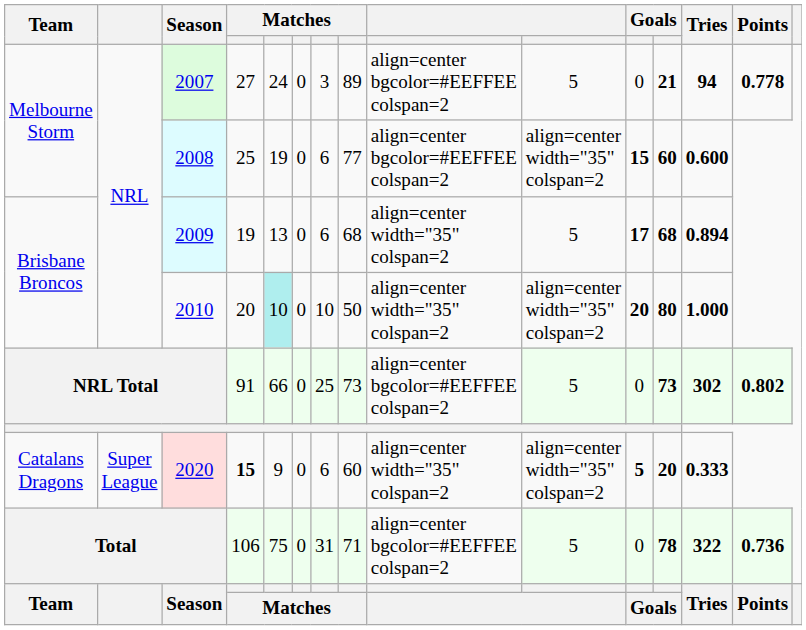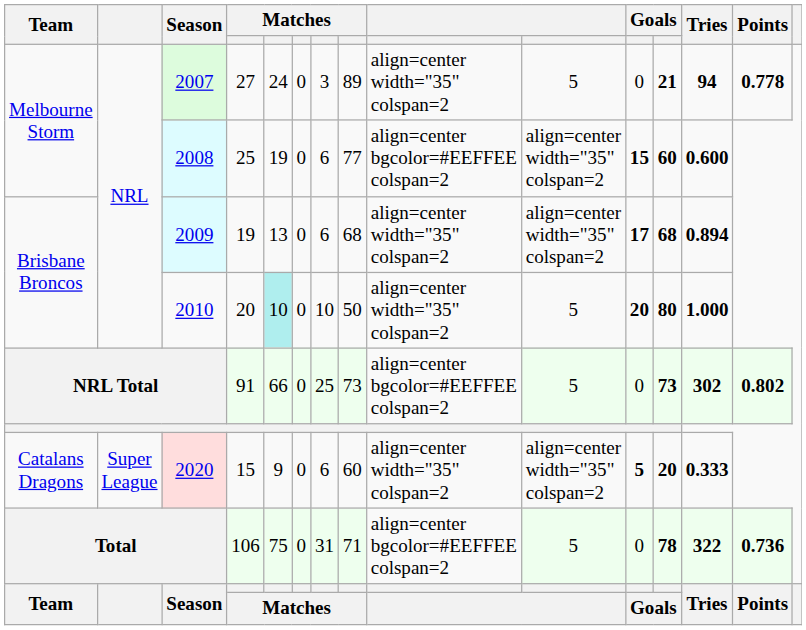 <table class="wikitable" style="font-size:96%">
 <tr>
 <th rowspan=2 width="160">Team</th>
 <th rowspan=2 width="95"></th>
 <th rowspan=2 width="95">Season</th>
 <th colspan=5>Matches</th>
 <th colspan=2></th>
 <th colspan=2>Goals</th>
 <th rowspan=2>Tries</th>
 <th rowspan=2>Points</th>
 <th rowspan=2></th>
 </tr>
 <tr>
 <th></th>
 <th></th>
 <th></th>
 <th></th>
 <th></th>
 <th></th>
 <th></th>
 <th></th>
 <th></th>
 </tr>
 <tr>
 <td align=center rowspan=2> <a href='#'>Melbourne Storm</a></td>
 <td align=center rowspan=4><a href='#'>NRL</a></td>
 <td align=center bgcolor=#DDFCDD><a href='#'>2007</a></td>
 <td align=center width="35">27</td>
 <td align=center width="35">24</td>
 <td align=center width="35">0</td>
 <td align=center width="35">3</td>
 <td align=center width="35">89</td>
-<td>align=center bgcolor=#EEFFEE colspan=2 </td>
+<td>align=center width="35" colspan=2 </td>
 <td align=center width="35">5</td>
 <td align=center width="35">0</td>
 <td align=center width="35"><strong>21</strong></td>
 <td align=center width="35"><strong>94</strong></td>
 <td align=center width="45"><strong>0.778</strong></td>
 </tr>
 <tr>
 <td align=center bgcolor=#DDFCFF><a href='#'>2008</a></td>
 <td align=center width="35">25</td>
 <td align=center width="35">19</td>
 <td align=center width="35">0</td>
 <td align=center width="35">6</td>
 <td align=center width="35">77</td>
 <td>align=center bgcolor=#EEFFEE colspan=2 </td>
 <td>align=center width="35" colspan=2 </td>
 <td align=center width="35"><strong>15</strong></td>
 <td align=center width="35"><strong>60</strong></td>
 <td align=center width="45"><strong>0.600</strong></td>
 </tr>
 <tr>
 <td align=center rowspan=2> <a href='#'>Brisbane Broncos</a></td>
 <td align=center bgcolor=#DDFCFF><a href='#'>2009</a></td>
 <td align=center width="35">19</td>
 <td align=center width="35">13</td>
 <td align=center width="35">0</td>
 <td align=center width="35">6</td>
 <td align=center width="35">68</td>
 <td>align=center width="35" colspan=2 </td>
-<td align=center width="35">5</td>
+<td>align=center width="35" colspan=2 </td>
 <td align=center width="35"><strong>17</strong></td>
 <td align=center width="35"><strong>68</strong></td>
 <td align=center width="45"><strong>0.894</strong></td>
 </tr>
 <tr>
 <td align=center><a href='#'>2010</a></td>
 <td align=center width="35">20</td>
 <td align=center width="35" style="background: paleturquoise;">10</td>
 <td align=center width="35">0</td>
 <td align=center width="35">10</td>
 <td align=center width="35">50</td>
 <td>align=center width="35" colspan=2 </td>
-<td>align=center width="35" colspan=2 </td>
+<td align=center width="35">5</td>
 <td align=center width="35"><strong>20</strong></td>
 <td align=center width="35"><strong>80</strong></td>
 <td align=center width="45"><strong>1.000</strong></td>
 </tr>
 <tr>
 <th colspan=3>NRL Total</th>
 <td align=center bgcolor=#EEFFEE>91</td>
 <td align=center bgcolor=#EEFFEE>66</td>
 <td align=center bgcolor=#EEFFEE>0</td>
 <td align=center bgcolor=#EEFFEE>25</td>
 <td align=center bgcolor=#EEFFEE>73</td>
 <td>align=center bgcolor=#EEFFEE colspan=2 </td>
 <td align=center bgcolor=#EEFFEE>5</td>
 <td align=center bgcolor=#EEFFEE>0</td>
 <td align=center bgcolor=#EEFFEE><strong>73</strong></td>
 <td align=center bgcolor=#EEFFEE><strong>302</strong></td>
 <td align=center bgcolor=#EEFFEE><strong>0.802</strong></td>
 </tr>
 <tr>
 <th colspan=12></th>
 </tr>
 <tr>
 <td align=center> <a href='#'>Catalans Dragons</a></td>
 <td align=center><a href='#'>Super League</a></td>
 <td align=center bgcolor=#FFDDDD><a href='#'>2020</a></td>
-<td align=center width="35"><strong>15</strong></td>
+<td align=center width="35">15</td>
 <td align=center width="35">9</td>
 <td align=center width="35">0</td>
 <td align=center width="35">6</td>
 <td align=center width="35">60</td>
 <td>align=center width="35" colspan=2 </td>
 <td>align=center width="35" colspan=2 </td>
 <td align=center width="35"><strong>5</strong></td>
 <td align=center width="35"><strong>20</strong></td>
 <td align=center width="45"><strong>0.333</strong></td>
 </tr>
 <tr>
 <th colspan=3>Total</th>
 <td align=center bgcolor=#EEFFEE>106</td>
 <td align=center bgcolor=#EEFFEE>75</td>
 <td align=center bgcolor=#EEFFEE>0</td>
 <td align=center bgcolor=#EEFFEE>31</td>
 <td align=center bgcolor=#EEFFEE>71</td>
 <td>align=center bgcolor=#EEFFEE colspan=2 </td>
 <td align=center bgcolor=#EEFFEE>5</td>
 <td align=center bgcolor=#EEFFEE>0</td>
 <td align=center bgcolor=#EEFFEE><strong>78</strong></td>
 <td align=center bgcolor=#EEFFEE><strong>322</strong></td>
 <td align=center bgcolor=#EEFFEE><strong>0.736</strong></td>
 </tr>
 <tr>
 <th rowspan=2 width="160">Team</th>
 <th rowspan=2 width="95"></th>
 <th rowspan=2 width="95">Season</th>
 <th></th>
 <th></th>
 <th></th>
 <th></th>
 <th></th>
 <th></th>
 <th></th>
 <th></th>
 <th></th>
 <th rowspan=2>Tries</th>
 <th rowspan=2>Points</th>
 <th rowspan=2></th>
 </tr>
 <tr>
 <th colspan=5>Matches</th>
 <th colspan=2></th>
 <th colspan=2>Goals</th>
 </tr>
 </table>
